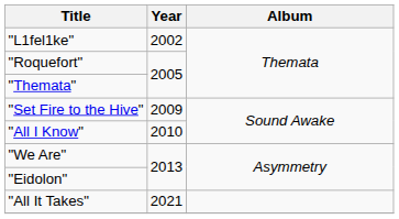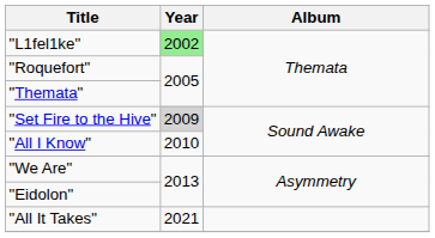 <table class="wikitable" style="text-align:center;">
 <tr>
 <th scope="col">Title</th>
 <th scope="col">Year</th>
 <th scope="col" width="220">Album</th>
 </tr>
 <tr>
 <td align="left">"L1fel1ke"</td>
-<td>2002</td>
+<td style="background: lightgreen;">2002</td>
 <td rowspan="3"><em>Themata</em></td>
 </tr>
 <tr>
 <td align="left">"Roquefort"</td>
 <td rowspan="2">2005</td>
 </tr>
 <tr>
 <td align="left">"<a href='#'>Themata</a>"</td>
 </tr>
 <tr>
 <td align="left">"<a href='#'>Set Fire to the Hive</a>"</td>
-<td>2009</td>
+<td style="background: lightgrey;">2009</td>
 <td rowspan="2"><em>Sound Awake</em></td>
 </tr>
 <tr>
 <td align="left">"<a href='#'>All I Know</a>"</td>
 <td>2010</td>
 </tr>
 <tr>
 <td align="left">"We Are"</td>
 <td rowspan="2">2013</td>
 <td rowspan="2"><em>Asymmetry</em></td>
 </tr>
 <tr>
 <td align="left">"Eidolon"</td>
 </tr>
 <tr>
 <td align="left">"All It Takes"</td>
 <td>2021</td>
 <td></td>
 </tr>
 <tr>
 </tr>
 </table>
